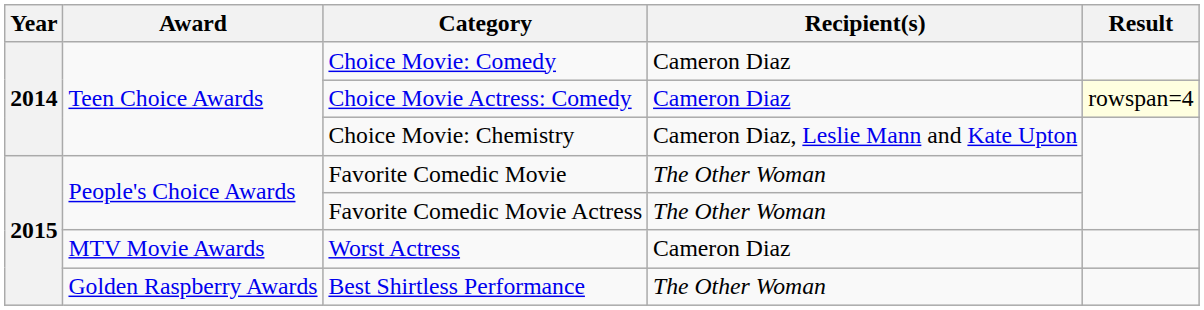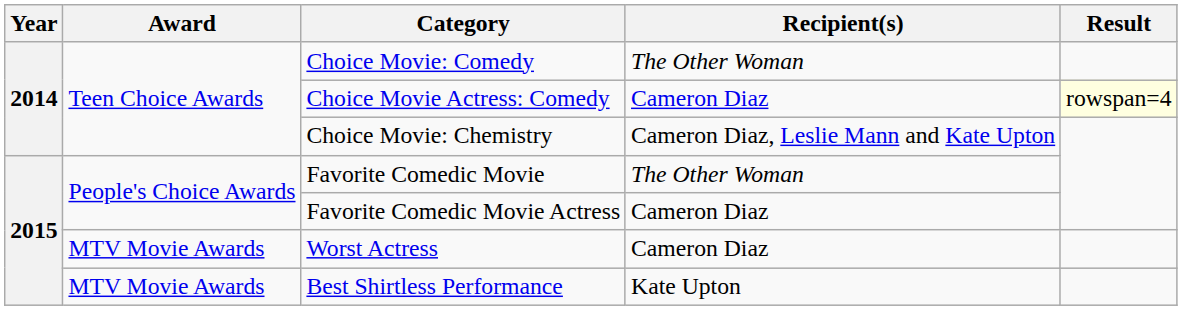 <table class="wikitable plainrowheaders">
 <tr>
 <th scope="col">Year</th>
 <th scope="col">Award</th>
 <th scope="col">Category</th>
 <th scope="col">Recipient(s)</th>
 <th scope="col">Result</th>
 </tr>
 <tr>
 <th scope="row" rowspan="3">2014</th>
 <td rowspan="3"><a href='#'>Teen Choice Awards</a></td>
 <td><a href='#'>Choice Movie: Comedy</a></td>
-<td>Cameron Diaz</td>
+<td><em>The Other Woman</em></td>
 <td></td>
 </tr>
 <tr>
 <td><a href='#'>Choice Movie Actress: Comedy</a></td>
 <td><a href='#'>Cameron Diaz</a></td>
 <td style="background: lightyellow;">rowspan=4 </td>
 </tr>
 <tr>
 <td>Choice Movie: Chemistry</td>
 <td>Cameron Diaz, <a href='#'>Leslie Mann</a> and <a href='#'>Kate Upton</a></td>
 </tr>
 <tr>
 <th scope="row" rowspan="4">2015</th>
 <td rowspan="2"><a href='#'>People's Choice Awards</a></td>
 <td>Favorite Comedic Movie</td>
 <td><em>The Other Woman</em></td>
 </tr>
 <tr>
 <td>Favorite Comedic Movie Actress</td>
-<td><em>The Other Woman</em></td>
+<td>Cameron Diaz</td>
 </tr>
 <tr>
 <td><a href='#'>MTV Movie Awards</a></td>
 <td><a href='#'>Worst Actress</a></td>
 <td>Cameron Diaz </td>
 <td></td>
 </tr>
 <tr>
-<td><a href='#'>Golden Raspberry Awards</a></td>
+<td><a href='#'>MTV Movie Awards</a></td>
 <td><a href='#'>Best Shirtless Performance</a></td>
-<td><em>The Other Woman</em></td>
+<td>Kate Upton</td>
 <td></td>
 </tr>
 </table>
